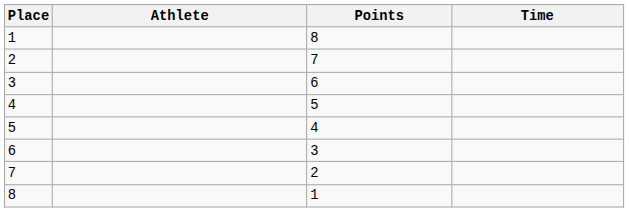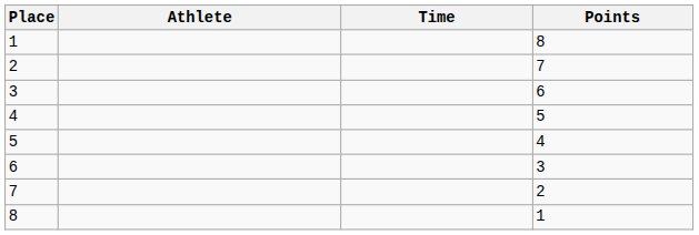 <table class=wikitable>
 <tr>
 <th>Place</th>
 <th style="width:18em">Athlete</th>
+<th style="width:12em">Time</th>
 <th style="width:10em">Points</th>
-<th style="width:12em">Time</th>
 </tr>
 <tr>
 <td>1</td>
 <td></td>
+<td> </td>
 <td>8</td>
-<td> </td>
 </tr>
 <tr>
 <td>2</td>
 <td></td>
+<td> </td>
 <td>7</td>
-<td> </td>
 </tr>
 <tr>
 <td>3</td>
 <td></td>
+<td>  </td>
 <td>6</td>
-<td>  </td>
 </tr>
 <tr>
 <td>4</td>
 <td></td>
+<td> </td>
 <td>5</td>
-<td> </td>
 </tr>
 <tr>
 <td>5</td>
 <td></td>
+<td>  </td>
 <td>4</td>
-<td>  </td>
 </tr>
 <tr>
 <td>6</td>
 <td></td>
+<td> </td>
 <td>3</td>
-<td> </td>
 </tr>
 <tr>
 <td>7</td>
 <td></td>
+<td> </td>
 <td>2</td>
-<td> </td>
 </tr>
 <tr>
 <td>8</td>
 <td></td>
+<td> </td>
 <td>1</td>
-<td> </td>
 </tr>
 </table>
